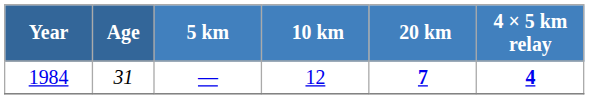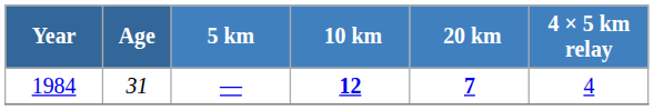 <table class="wikitable" style="font-size:95%; text-align:center; border:grey solid 1px; border-collapse:collapse; background:#ffffff;">
 <tr>
 <th style="background-color:#369; color:white; width:60px;"> Year </th>
 <th style="background-color:#369; color:white; width:40px;"> Age </th>
 <th style="background-color:#4180be; color:white; width:75px;"> 5 km </th>
 <th style="background-color:#4180be; color:white; width:75px;"> 10 km</th>
 <th style="background-color:#4180be; color:white; width:75px;"> 20 km</th>
 <th style="background-color:#4180be; color:white; width:75px;"> 4 × 5 km <br> relay </th>
 </tr>
 <tr>
 <td><a href='#'>1984</a></td>
 <td><em>31</em></td>
 <td><a href='#'>—</a></td>
-<td><a href='#'>12</a></td>
+<td><strong><a href='#'>12</a></strong></td>
 <td><strong><a href='#'>7</a></strong></td>
-<td><strong><a href='#'>4</a></strong></td>
+<td><a href='#'>4</a></td>
 </tr>
 <tr>
 </tr>
 </table>
